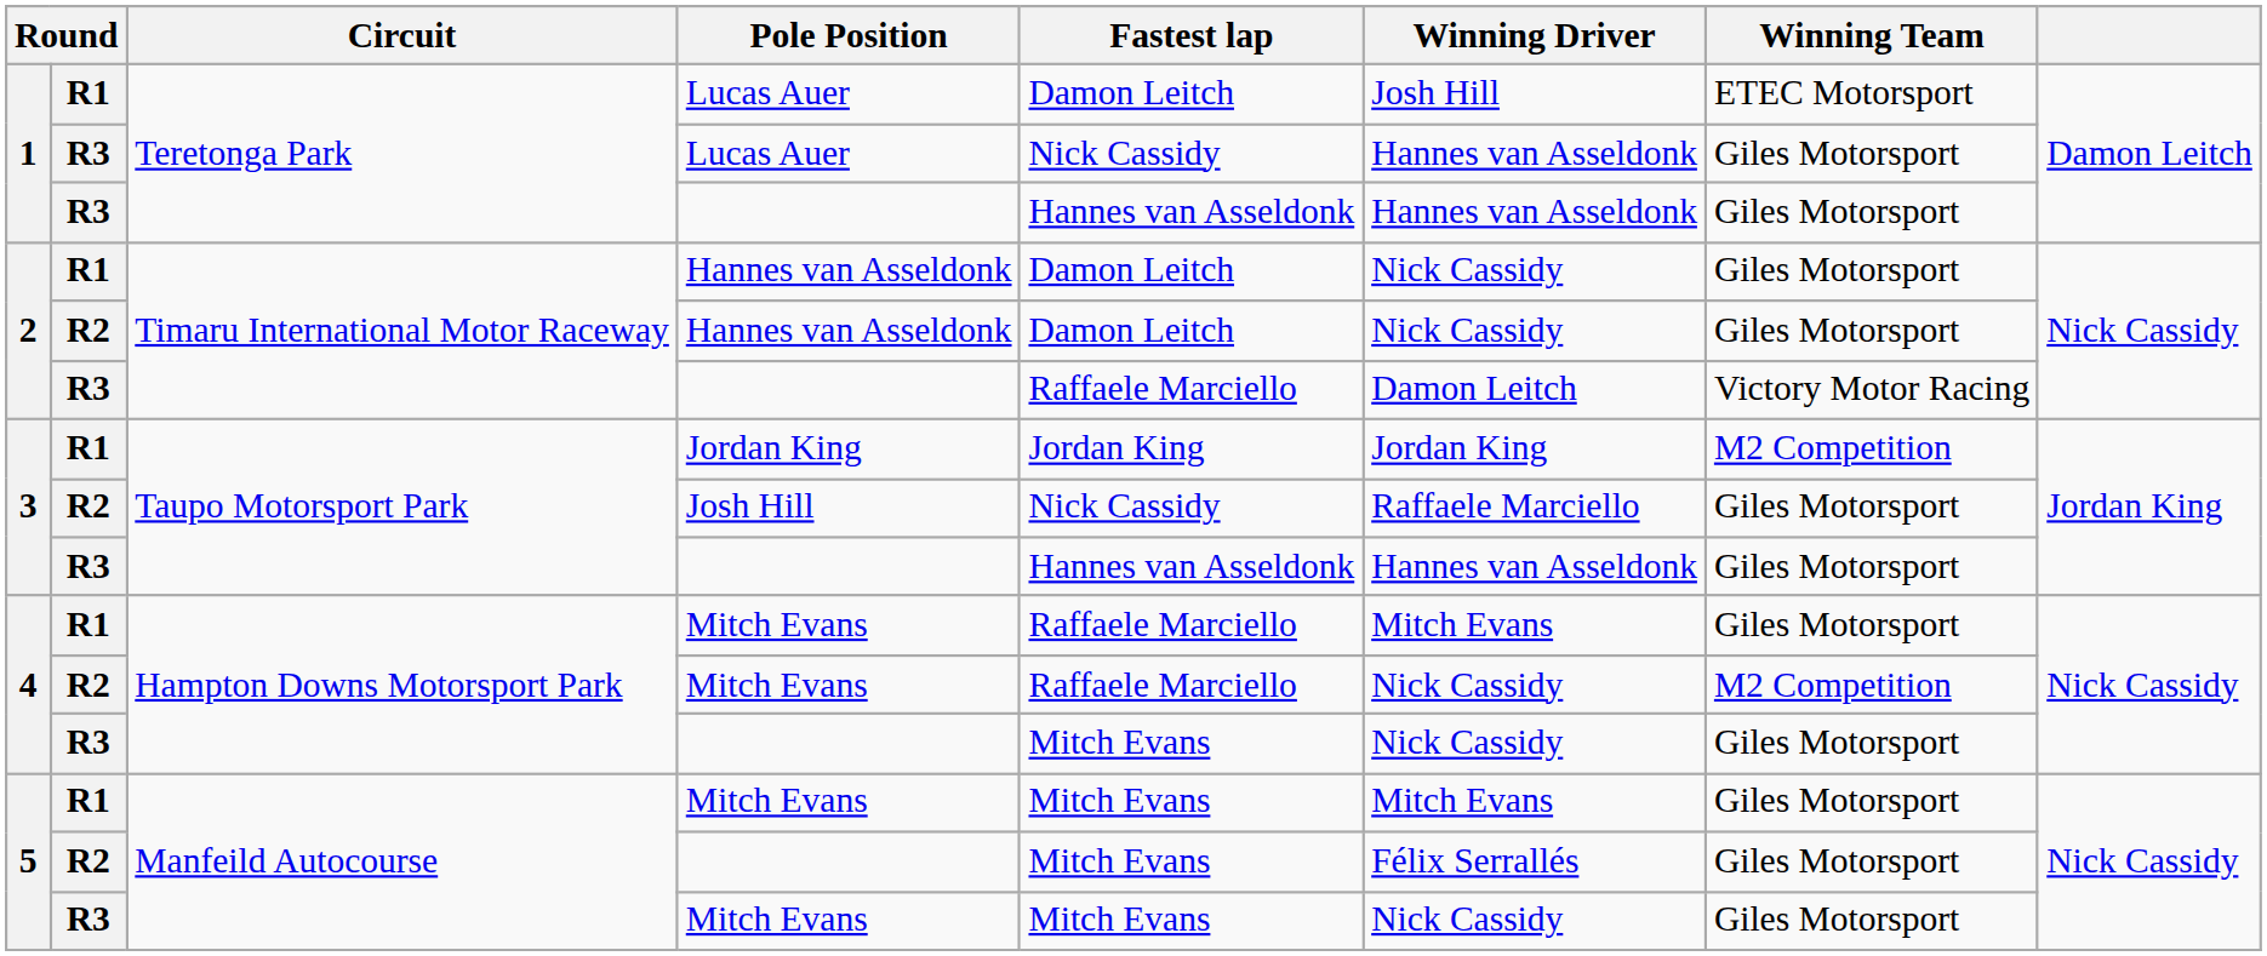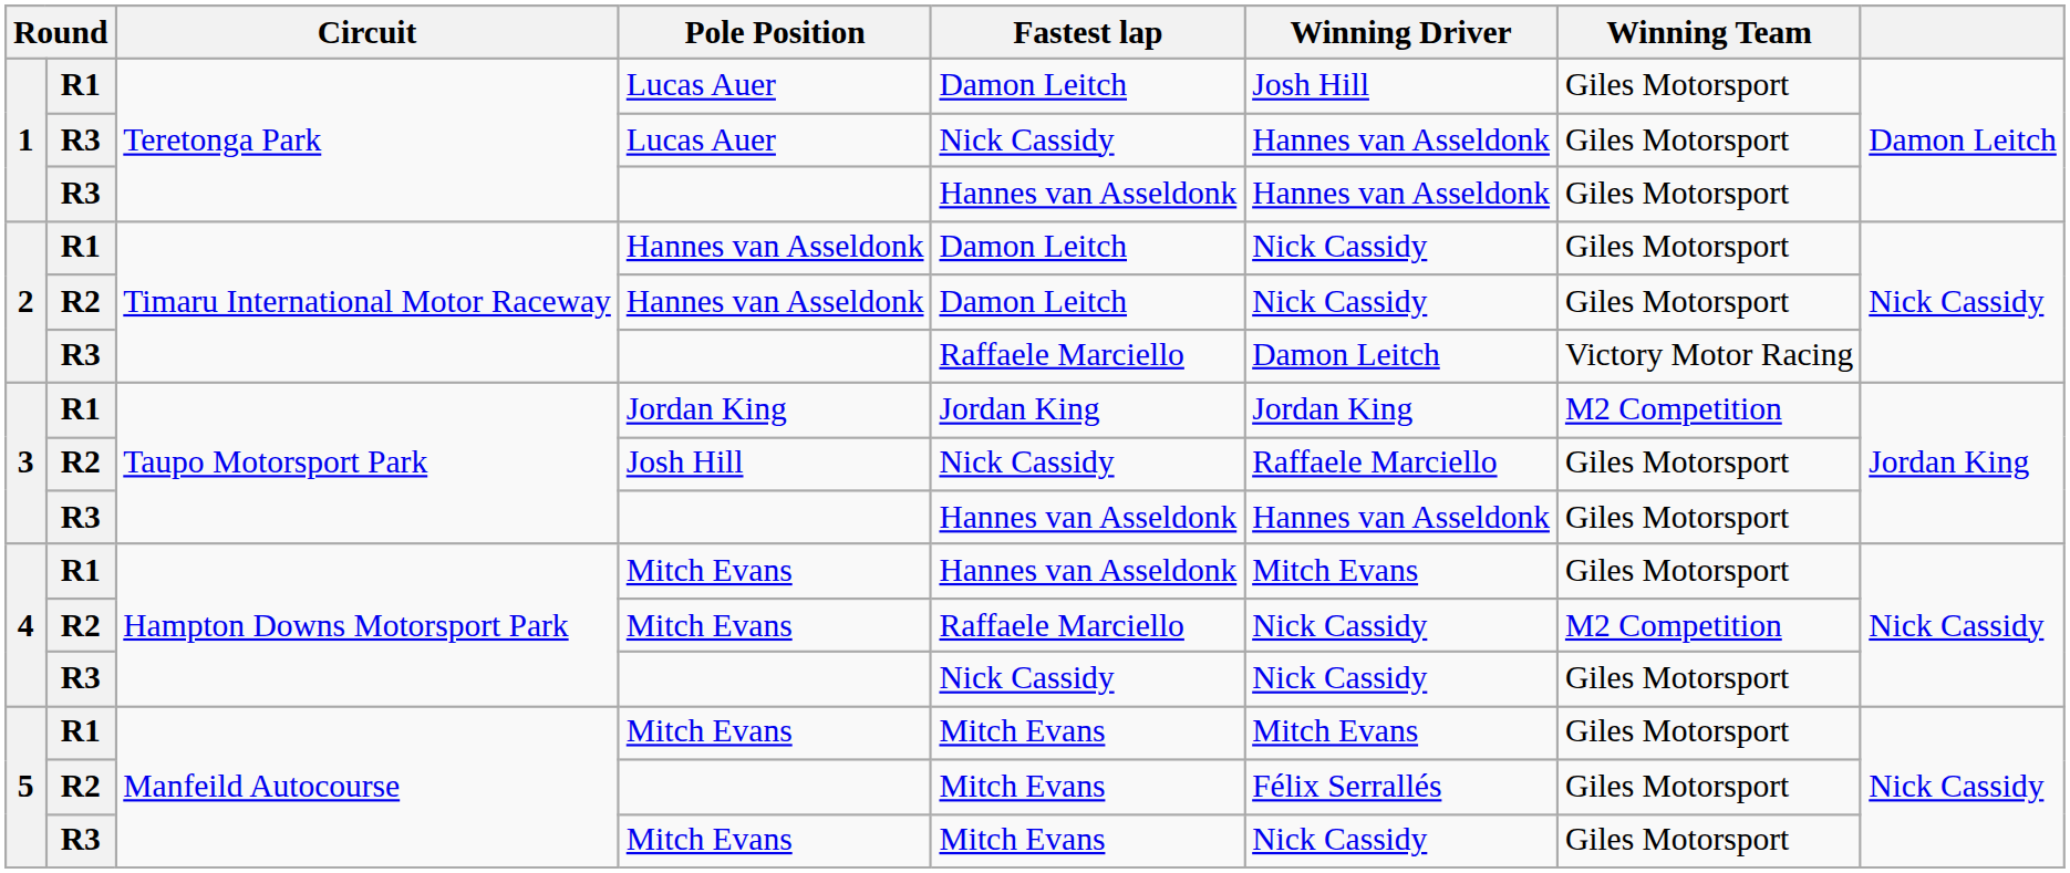 <table class="wikitable" style="font-size: 85%;">
 <tr>
 <th colspan=2>Round</th>
 <th>Circuit</th>
 <th>Pole Position</th>
 <th>Fastest lap</th>
 <th>Winning Driver</th>
 <th>Winning Team</th>
 <th></th>
 </tr>
 <tr>
 <th rowspan=3>1</th>
 <th>R1</th>
 <td rowspan=3> <a href='#'>Teretonga Park</a></td>
 <td> <a href='#'>Lucas Auer</a></td>
 <td> <a href='#'>Damon Leitch</a></td>
 <td> <a href='#'>Josh Hill</a></td>
-<td>ETEC Motorsport</td>
+<td>Giles Motorsport</td>
 <td rowspan=3 nowrap> <a href='#'>Damon Leitch</a></td>
 </tr>
 <tr>
 <th>R3</th>
 <td> <a href='#'>Lucas Auer</a></td>
 <td> <a href='#'>Nick Cassidy</a></td>
 <td> <a href='#'>Hannes van Asseldonk</a></td>
 <td>Giles Motorsport</td>
 </tr>
 <tr>
 <th>R3</th>
 <td></td>
 <td nowrap> <a href='#'>Hannes van Asseldonk</a></td>
 <td nowrap> <a href='#'>Hannes van Asseldonk</a></td>
 <td>Giles Motorsport</td>
 </tr>
 <tr>
 <th rowspan=3>2</th>
 <th>R1</th>
 <td rowspan=3 nowrap> <a href='#'>Timaru International Motor Raceway</a></td>
 <td nowrap> <a href='#'>Hannes van Asseldonk</a></td>
 <td> <a href='#'>Damon Leitch</a></td>
 <td> <a href='#'>Nick Cassidy</a></td>
 <td>Giles Motorsport</td>
 <td rowspan=3 nowrap> <a href='#'>Nick Cassidy</a></td>
 </tr>
 <tr>
 <th>R2</th>
 <td> <a href='#'>Hannes van Asseldonk</a></td>
 <td> <a href='#'>Damon Leitch</a></td>
 <td> <a href='#'>Nick Cassidy</a></td>
 <td>Giles Motorsport</td>
 </tr>
 <tr>
 <th>R3</th>
 <td></td>
 <td> <a href='#'>Raffaele Marciello</a></td>
 <td> <a href='#'>Damon Leitch</a></td>
 <td nowrap>Victory Motor Racing</td>
 </tr>
 <tr>
 <th rowspan=3>3</th>
 <th>R1</th>
 <td rowspan=3> <a href='#'>Taupo Motorsport Park</a></td>
 <td> <a href='#'>Jordan King</a></td>
 <td> <a href='#'>Jordan King</a></td>
 <td> <a href='#'>Jordan King</a></td>
 <td><a href='#'>M2 Competition</a></td>
 <td rowspan=3> <a href='#'>Jordan King</a></td>
 </tr>
 <tr>
 <th>R2</th>
 <td> <a href='#'>Josh Hill</a></td>
 <td> <a href='#'>Nick Cassidy</a></td>
 <td> <a href='#'>Raffaele Marciello</a></td>
 <td>Giles Motorsport</td>
 </tr>
 <tr>
 <th>R3</th>
 <td></td>
 <td> <a href='#'>Hannes van Asseldonk</a></td>
 <td> <a href='#'>Hannes van Asseldonk</a></td>
 <td>Giles Motorsport</td>
 </tr>
 <tr>
 <th rowspan=3>4</th>
 <th>R1</th>
 <td rowspan=3> <a href='#'>Hampton Downs Motorsport Park</a></td>
 <td> <a href='#'>Mitch Evans</a></td>
-<td> <a href='#'>Raffaele Marciello</a></td>
+<td> <a href='#'>Hannes van Asseldonk</a></td>
 <td> <a href='#'>Mitch Evans</a></td>
 <td>Giles Motorsport</td>
 <td rowspan=3> <a href='#'>Nick Cassidy</a></td>
 </tr>
 <tr>
 <th>R2</th>
 <td> <a href='#'>Mitch Evans</a></td>
 <td> <a href='#'>Raffaele Marciello</a></td>
 <td> <a href='#'>Nick Cassidy</a></td>
 <td><a href='#'>M2 Competition</a></td>
 </tr>
 <tr>
 <th>R3</th>
 <td></td>
-<td> <a href='#'>Mitch Evans</a></td>
+<td> <a href='#'>Nick Cassidy</a></td>
 <td> <a href='#'>Nick Cassidy</a></td>
 <td>Giles Motorsport</td>
 </tr>
 <tr>
 <th rowspan=3>5</th>
 <th>R1</th>
 <td rowspan=3> <a href='#'>Manfeild Autocourse</a></td>
 <td> <a href='#'>Mitch Evans</a></td>
 <td> <a href='#'>Mitch Evans</a></td>
 <td> <a href='#'>Mitch Evans</a></td>
 <td>Giles Motorsport</td>
 <td rowspan=3> <a href='#'>Nick Cassidy</a></td>
 </tr>
 <tr>
 <th>R2</th>
 <td></td>
 <td> <a href='#'>Mitch Evans</a></td>
 <td> <a href='#'>Félix Serrallés</a></td>
 <td>Giles Motorsport</td>
 </tr>
 <tr>
 <th>R3</th>
 <td> <a href='#'>Mitch Evans</a></td>
 <td> <a href='#'>Mitch Evans</a></td>
 <td> <a href='#'>Nick Cassidy</a></td>
 <td>Giles Motorsport</td>
 </tr>
 </table>
